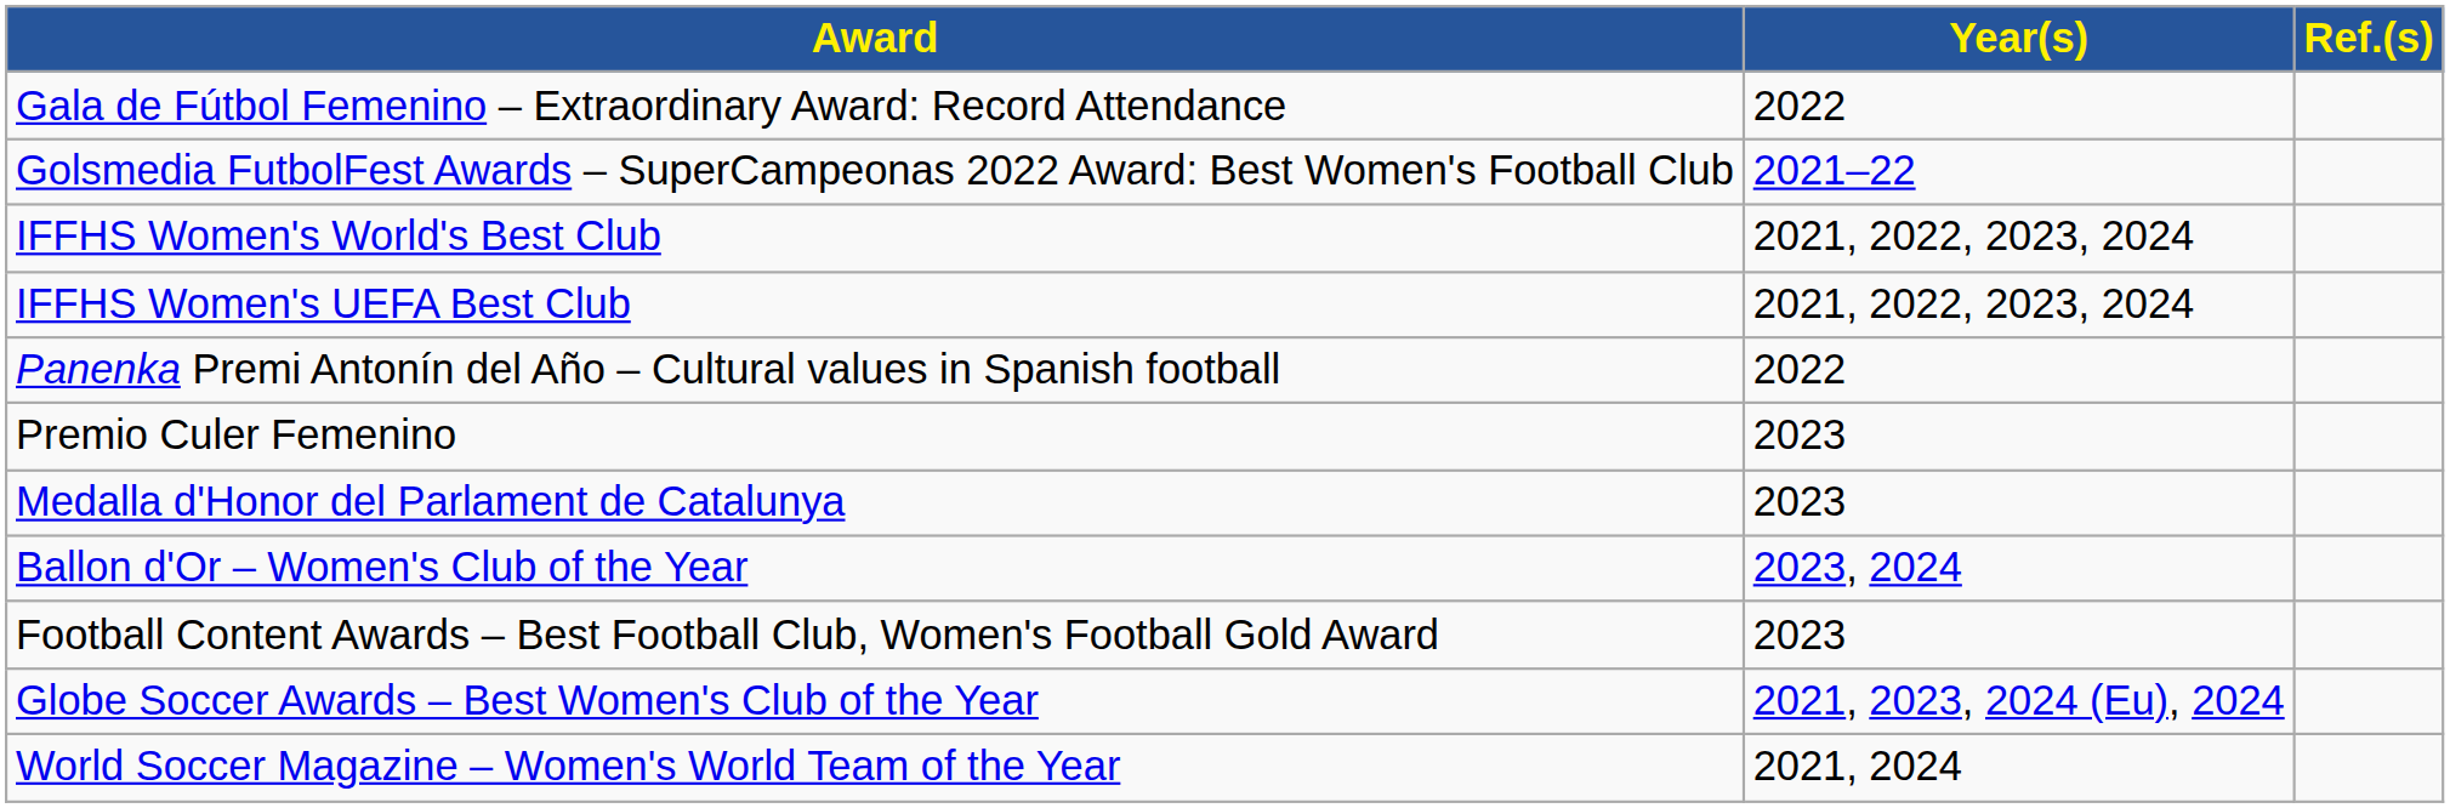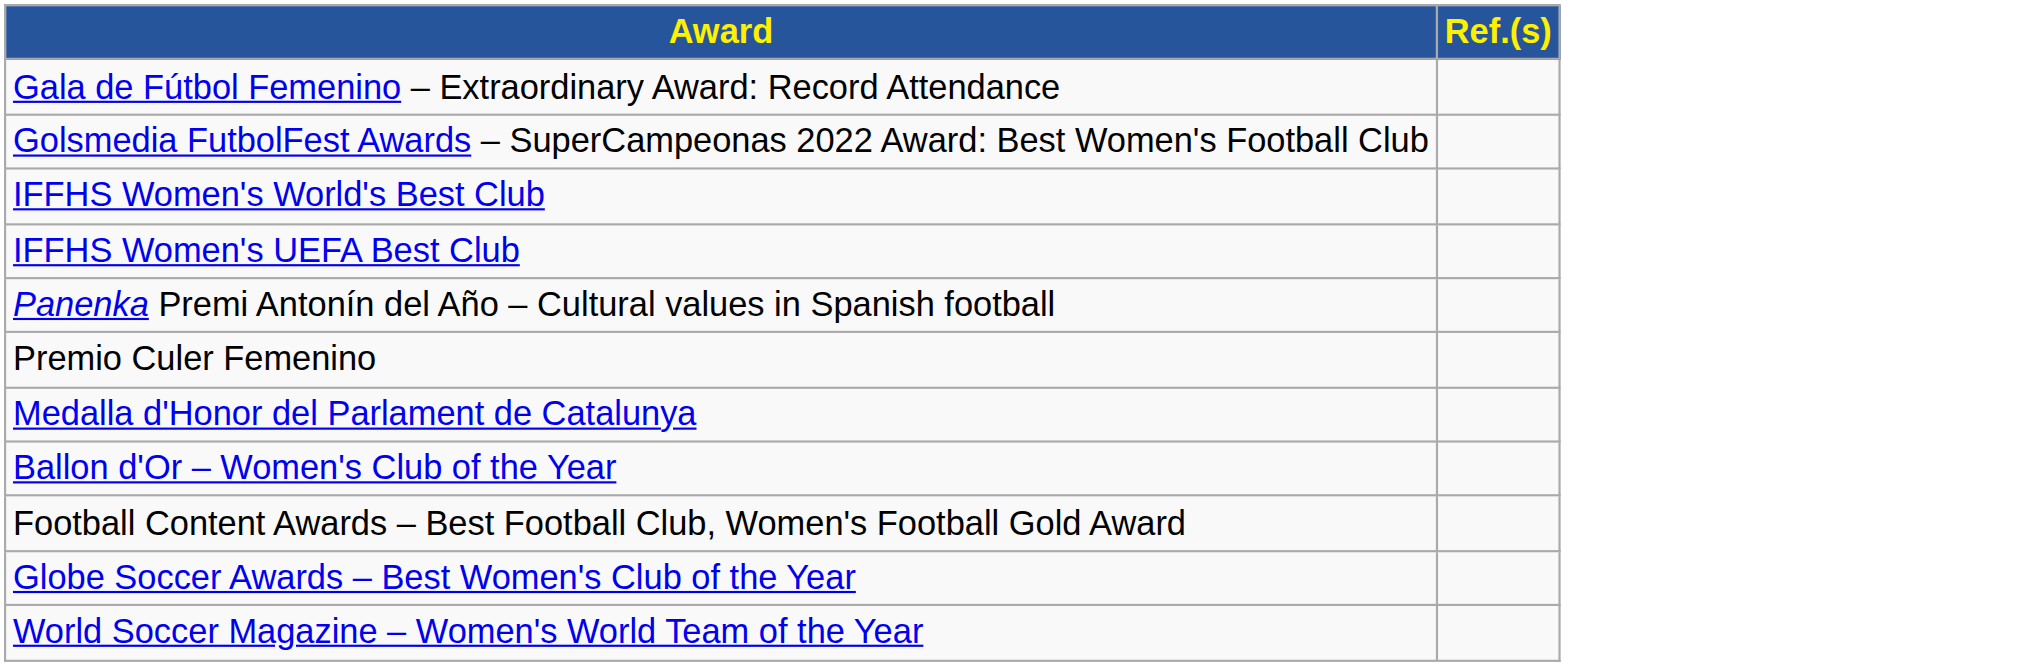 <table class="wikitable">
 <tr>
 <th style="background:#26559B; color:#FFF000; ">Award</th>
-<th style="background:#26559B; color:#FFF000; ">Year(s)</th>
 <th style="background:#26559B; color:#FFF000; ">Ref.(s)</th>
 </tr>
 <tr>
 <td><a href='#'>Gala de Fútbol Femenino</a> – Extraordinary Award: Record Attendance</td>
-<td>2022</td>
 <td style="text-align:center"></td>
 </tr>
 <tr>
 <td><a href='#'>Golsmedia FutbolFest Awards</a> – SuperCampeonas 2022 Award: Best Women's Football Club</td>
-<td><a href='#'>2021–22</a></td>
 <td style="text-align:center"></td>
 </tr>
 <tr>
 <td><a href='#'>IFFHS Women's World's Best Club</a></td>
-<td>2021, 2022, 2023, 2024</td>
 <td style="text-align:center"></td>
 </tr>
 <tr>
 <td><a href='#'>IFFHS Women's UEFA Best Club</a></td>
-<td>2021, 2022, 2023, 2024</td>
 <td style="text-align:center"></td>
 </tr>
 <tr>
 <td><em><a href='#'>Panenka</a></em> Premi Antonín del Año – Cultural values in Spanish football</td>
-<td>2022</td>
 <td style="text-align:center"></td>
 </tr>
 <tr>
 <td>Premio Culer Femenino</td>
-<td>2023</td>
 <td style="text-align:center"></td>
 </tr>
 <tr>
 <td><a href='#'>Medalla d'Honor del Parlament de Catalunya</a></td>
-<td>2023</td>
 <td style="text-align:center"></td>
 </tr>
 <tr>
 <td><a href='#'>Ballon d'Or – Women's Club of the Year</a></td>
-<td><a href='#'>2023</a>, <a href='#'>2024</a></td>
 <td style="text-align:center"></td>
 </tr>
 <tr>
 <td>Football Content Awards – Best Football Club, Women's Football Gold Award</td>
-<td>2023</td>
 <td style="text-align:center"></td>
 </tr>
 <tr>
 <td><a href='#'>Globe Soccer Awards – Best Women's Club of the Year</a></td>
-<td><a href='#'>2021</a>, <a href='#'>2023</a>, <a href='#'>2024 (Eu)</a>, <a href='#'>2024</a></td>
 <td style="text-align:center"></td>
 </tr>
 <tr>
 <td><a href='#'>World Soccer Magazine – Women's World Team of the Year</a></td>
-<td>2021, 2024</td>
 <td style="text-align:center"></td>
 </tr>
 </table>
